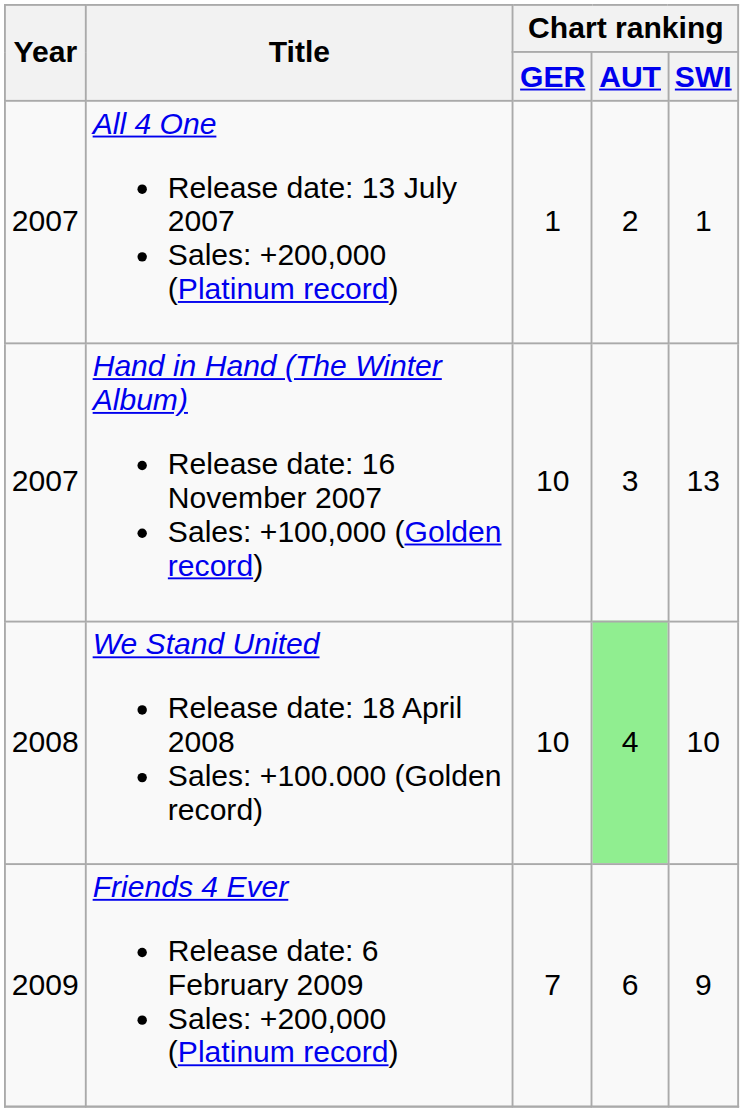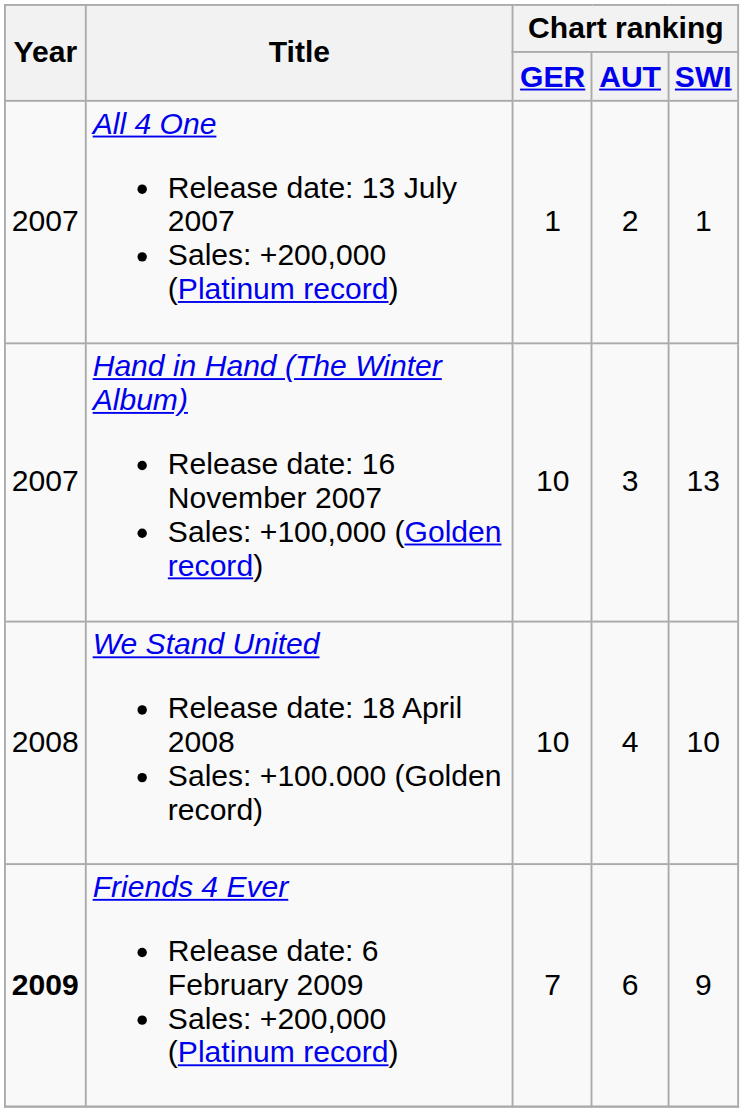 <table class="wikitable">
 <tr>
 <th width="25" rowspan="2">Year</th>
 <th width="220" rowspan="2">Title</th>
 <th colspan="3">Chart ranking</th>
 </tr>
 <tr bgcolor="#efefef">
 <th width="30"><a href='#'>GER</a></th>
 <th width="30"><a href='#'>AUT</a></th>
 <th width="30"><a href='#'>SWI</a></th>
 </tr>
 <tr>
 <td>2007</td>
 <td><em><a href='#'>All 4 One</a></em><br><ul><li>Release date: 13 July 2007</li><li>Sales: +200,000 (<a href='#'>Platinum record</a>)</li></ul></td>
 <td align="center">1</td>
 <td align="center">2</td>
 <td align="center">1</td>
 </tr>
 <tr>
 <td>2007</td>
 <td><em><a href='#'>Hand in Hand (The Winter Album)</a></em><br><ul><li>Release date: 16 November 2007</li><li>Sales: +100,000 (<a href='#'>Golden record</a>)</li></ul></td>
 <td align="center">10</td>
 <td align="center">3</td>
 <td align="center">13</td>
 </tr>
 <tr>
 <td>2008</td>
 <td><em><a href='#'>We Stand United</a></em><br><ul><li>Release date: 18 April 2008</li><li>Sales: +100.000 (Golden record) </li></ul></td>
 <td align="center">10</td>
-<td align="center" style="background: lightgreen;">4</td>
+<td align="center">4</td>
 <td align="center">10</td>
 </tr>
 <tr>
-<td>2009</td>
+<td><strong>2009</strong></td>
 <td><em><a href='#'>Friends 4 Ever</a></em><br><ul><li>Release date: 6 February 2009</li><li>Sales: +200,000 (<a href='#'>Platinum record</a>)</li></ul></td>
 <td align="center">7</td>
 <td align="center">6</td>
 <td align="center">9</td>
 </tr>
 <tr>
 </tr>
 </table>
